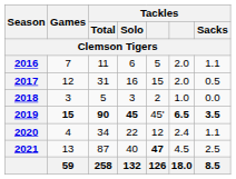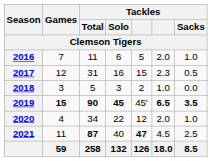 <table class=wikitable style="text-align:center;">
 <tr>
 <th rowspan=2>Season</th>
 <th colspan="1" rowspan="2">Games</th>
 <th colspan=5>Tackles</th>
 </tr>
 <tr>
 <th>Total</th>
 <th>Solo</th>
 <th></th>
 <th></th>
 <th>Sacks</th>
 </tr>
 <tr>
 <th colspan="7">Clemson Tigers</th>
 </tr>
 <tr>
 <th><a href='#'>2016</a></th>
 <td>7</td>
 <td>11</td>
 <td>6</td>
 <td>5</td>
 <td>2.0</td>
-<td>1.1</td>
+<td>1.0</td>
 </tr>
 <tr>
 <th><a href='#'>2017</a></th>
 <td>12</td>
 <td>31</td>
 <td>16</td>
 <td>15</td>
-<td>2.0</td>
+<td>2.3</td>
 <td>0.5</td>
 </tr>
 <tr>
 <th><a href='#'>2018</a></th>
 <td>3</td>
 <td>5</td>
 <td>3</td>
 <td>2</td>
 <td>1.0</td>
 <td>0.0</td>
 </tr>
 <tr>
 <th><a href='#'>2019</a></th>
 <td><strong>15</strong></td>
 <td><strong>90</strong></td>
 <td><strong>45</strong></td>
 <td>45'</td>
 <td><strong>6.5</strong></td>
 <td><strong>3.5</strong></td>
 </tr>
 <tr>
 <th><a href='#'>2020</a></th>
 <td>4</td>
 <td>34</td>
 <td>22</td>
 <td>12</td>
-<td>2.4</td>
-<td>1.1</td>
+<td>2.0</td>
+<td>1.0</td>
 </tr>
 <tr>
 <th><a href='#'>2021</a></th>
-<td>13</td>
-<td>87</td>
+<td>11</td>
+<td><strong>87</strong></td>
 <td>40</td>
 <td><strong>47</strong></td>
 <td>4.5</td>
 <td>2.5</td>
 </tr>
 <tr>
 <th></th>
 <th>59</th>
 <th>258</th>
 <th>132</th>
 <th>126</th>
 <th>18.0</th>
 <th>8.5</th>
 </tr>
 </table>
